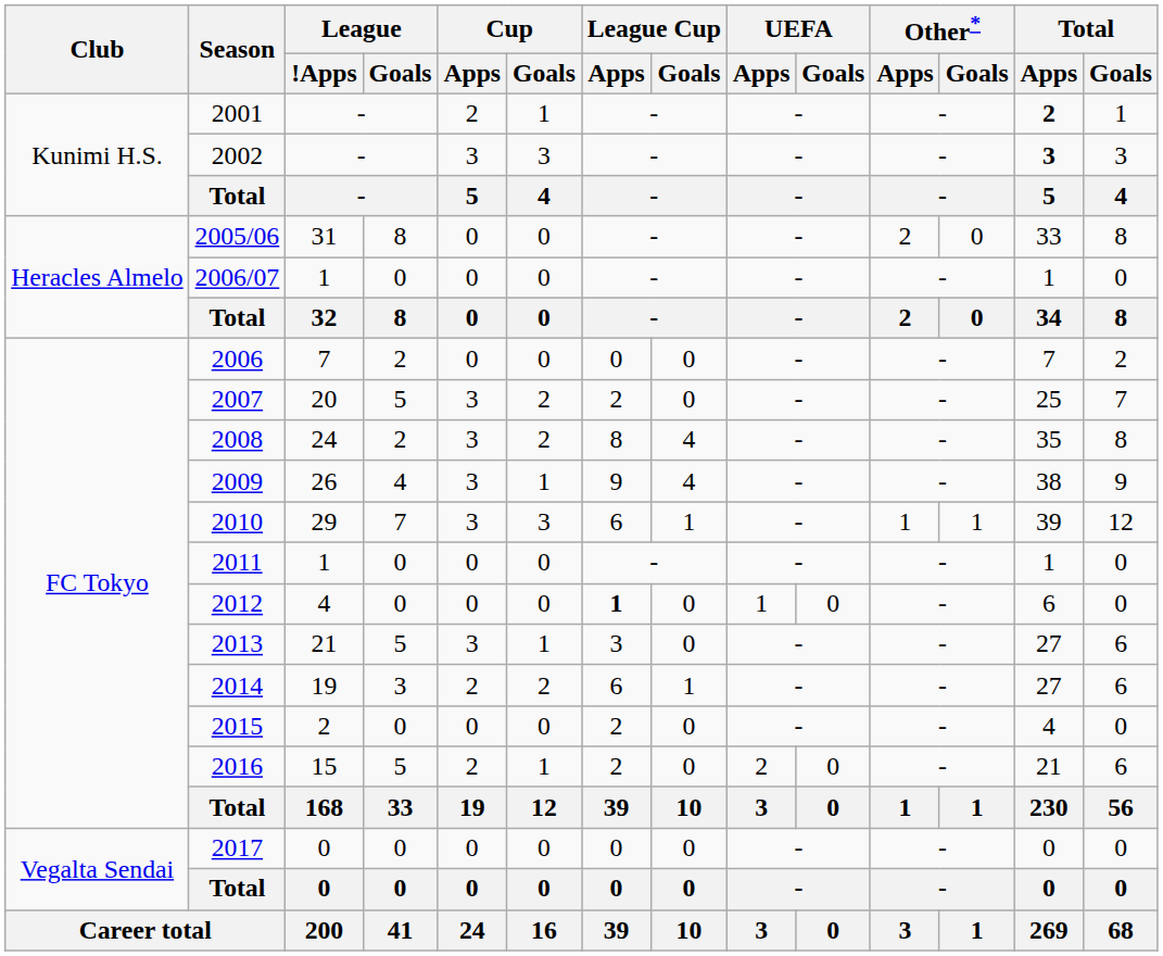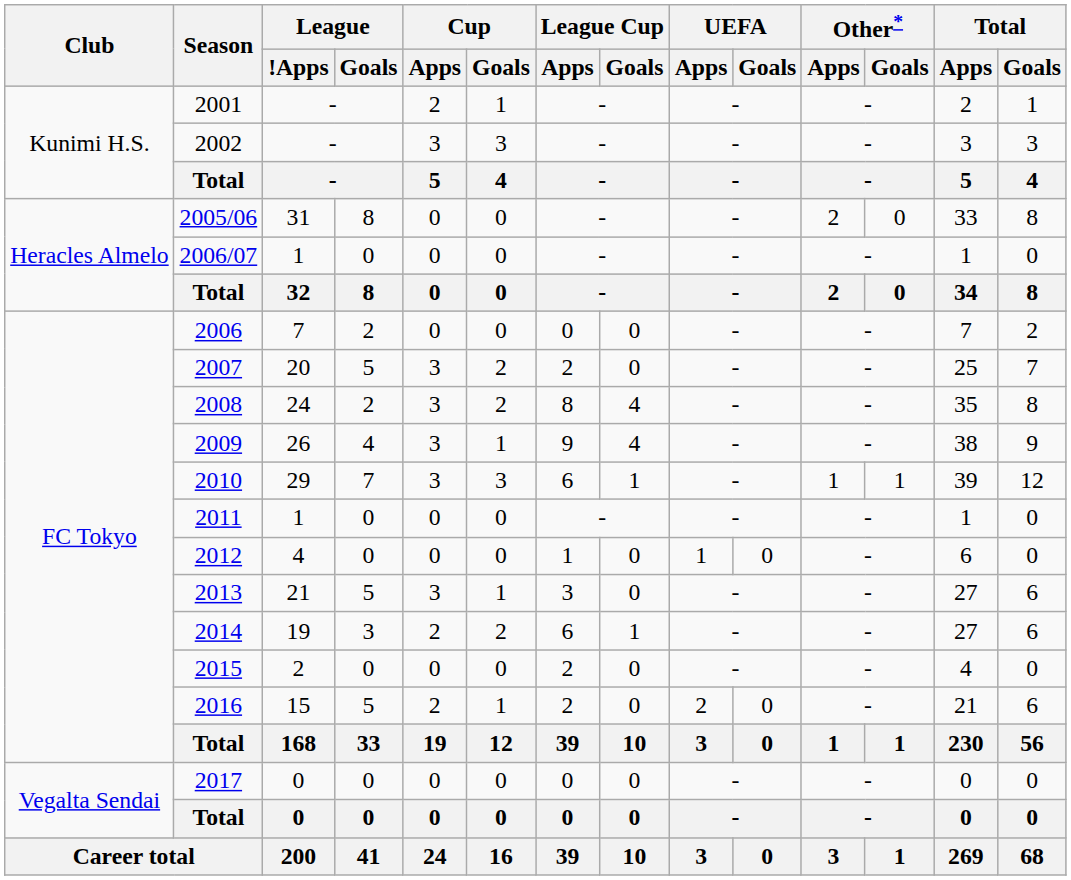 <table class="wikitable" style="text-align:center;">
 <tr>
 <th rowspan="2">Club</th>
 <th rowspan="2">Season</th>
 <th colspan="2">League</th>
 <th colspan="2">Cup</th>
 <th colspan="2">League Cup</th>
 <th colspan="2">UEFA</th>
 <th colspan="2">Other<sup><a href='#'>*</a></sup></th>
 <th colspan="2">Total</th>
 </tr>
 <tr>
 <th>!Apps</th>
 <th>Goals</th>
 <th>Apps</th>
 <th>Goals</th>
 <th>Apps</th>
 <th>Goals</th>
 <th>Apps</th>
 <th>Goals</th>
 <th>Apps</th>
 <th>Goals</th>
 <th>Apps</th>
 <th>Goals</th>
 </tr>
 <tr>
 <td rowspan="3">Kunimi H.S.</td>
 <td>2001</td>
 <td colspan="2">-</td>
 <td>2</td>
 <td>1</td>
 <td colspan="2">-</td>
 <td colspan="2">-</td>
 <td colspan="2">-</td>
-<td><strong>2</strong></td>
+<td>2</td>
 <td>1</td>
 </tr>
 <tr>
 <td>2002</td>
 <td colspan="2">-</td>
 <td>3</td>
 <td>3</td>
 <td colspan="2">-</td>
 <td colspan="2">-</td>
 <td colspan="2">-</td>
-<td><strong>3</strong></td>
+<td>3</td>
 <td>3</td>
 </tr>
 <tr>
 <th colspan="1">Total</th>
 <th colspan="2">-</th>
 <th>5</th>
 <th>4</th>
 <th colspan="2">-</th>
 <th colspan="2">-</th>
 <th colspan="2">-</th>
 <th>5</th>
 <th>4</th>
 </tr>
 <tr>
 <td rowspan="3"><a href='#'>Heracles Almelo</a></td>
 <td><a href='#'>2005/06</a></td>
 <td>31</td>
 <td>8</td>
 <td>0</td>
 <td>0</td>
 <td colspan="2">-</td>
 <td colspan="2">-</td>
 <td>2</td>
 <td>0</td>
 <td>33</td>
 <td>8</td>
 </tr>
 <tr>
 <td><a href='#'>2006/07</a></td>
 <td>1</td>
 <td>0</td>
 <td>0</td>
 <td>0</td>
 <td colspan="2">-</td>
 <td colspan="2">-</td>
 <td colspan="2">-</td>
 <td>1</td>
 <td>0</td>
 </tr>
 <tr>
 <th colspan="1">Total</th>
 <th>32</th>
 <th>8</th>
 <th>0</th>
 <th>0</th>
 <th colspan="2">-</th>
 <th colspan="2">-</th>
 <th>2</th>
 <th>0</th>
 <th>34</th>
 <th>8</th>
 </tr>
 <tr>
 <td rowspan="12"><a href='#'>FC Tokyo</a></td>
 <td><a href='#'>2006</a></td>
 <td>7</td>
 <td>2</td>
 <td>0</td>
 <td>0</td>
 <td>0</td>
 <td>0</td>
 <td colspan="2">-</td>
 <td colspan="2">-</td>
 <td>7</td>
 <td>2</td>
 </tr>
 <tr>
 <td><a href='#'>2007</a></td>
 <td>20</td>
 <td>5</td>
 <td>3</td>
 <td>2</td>
 <td>2</td>
 <td>0</td>
 <td colspan="2">-</td>
 <td colspan="2">-</td>
 <td>25</td>
 <td>7</td>
 </tr>
 <tr>
 <td><a href='#'>2008</a></td>
 <td>24</td>
 <td>2</td>
 <td>3</td>
 <td>2</td>
 <td>8</td>
 <td>4</td>
 <td colspan="2">-</td>
 <td colspan="2">-</td>
 <td>35</td>
 <td>8</td>
 </tr>
 <tr>
 <td><a href='#'>2009</a></td>
 <td>26</td>
 <td>4</td>
 <td>3</td>
 <td>1</td>
 <td>9</td>
 <td>4</td>
 <td colspan="2">-</td>
 <td colspan="2">-</td>
 <td>38</td>
 <td>9</td>
 </tr>
 <tr>
 <td><a href='#'>2010</a></td>
 <td>29</td>
 <td>7</td>
 <td>3</td>
 <td>3</td>
 <td>6</td>
 <td>1</td>
 <td colspan="2">-</td>
 <td>1</td>
 <td>1</td>
 <td>39</td>
 <td>12</td>
 </tr>
 <tr>
 <td><a href='#'>2011</a></td>
 <td>1</td>
 <td>0</td>
 <td>0</td>
 <td>0</td>
 <td colspan="2">-</td>
 <td colspan="2">-</td>
 <td colspan="2">-</td>
 <td>1</td>
 <td>0</td>
 </tr>
 <tr>
 <td><a href='#'>2012</a></td>
 <td>4</td>
 <td>0</td>
 <td>0</td>
 <td>0</td>
-<td><strong>1</strong></td>
+<td>1</td>
 <td>0</td>
 <td>1</td>
 <td>0</td>
 <td colspan="2">-</td>
 <td>6</td>
 <td>0</td>
 </tr>
 <tr>
 <td><a href='#'>2013</a></td>
 <td>21</td>
 <td>5</td>
 <td>3</td>
 <td>1</td>
 <td>3</td>
 <td>0</td>
 <td colspan="2">-</td>
 <td colspan="2">-</td>
 <td>27</td>
 <td>6</td>
 </tr>
 <tr>
 <td><a href='#'>2014</a></td>
 <td>19</td>
 <td>3</td>
 <td>2</td>
 <td>2</td>
 <td>6</td>
 <td>1</td>
 <td colspan="2">-</td>
 <td colspan="2">-</td>
 <td>27</td>
 <td>6</td>
 </tr>
 <tr>
 <td><a href='#'>2015</a></td>
 <td>2</td>
 <td>0</td>
 <td>0</td>
 <td>0</td>
 <td>2</td>
 <td>0</td>
 <td colspan="2">-</td>
 <td colspan="2">-</td>
 <td>4</td>
 <td>0</td>
 </tr>
 <tr>
 <td><a href='#'>2016</a></td>
 <td>15</td>
 <td>5</td>
 <td>2</td>
 <td>1</td>
 <td>2</td>
 <td>0</td>
 <td>2</td>
 <td>0</td>
 <td colspan="2">-</td>
 <td>21</td>
 <td>6</td>
 </tr>
 <tr>
 <th colspan="1">Total</th>
 <th>168</th>
 <th>33</th>
 <th>19</th>
 <th>12</th>
 <th>39</th>
 <th>10</th>
 <th>3</th>
 <th>0</th>
 <th>1</th>
 <th>1</th>
 <th>230</th>
 <th>56</th>
 </tr>
 <tr>
 <td rowspan="2"><a href='#'>Vegalta Sendai</a></td>
 <td><a href='#'>2017</a></td>
 <td>0</td>
 <td>0</td>
 <td>0</td>
 <td>0</td>
 <td>0</td>
 <td>0</td>
 <td colspan="2">-</td>
 <td colspan="2">-</td>
 <td>0</td>
 <td>0</td>
 </tr>
 <tr>
 <th colspan="1">Total</th>
 <th>0</th>
 <th>0</th>
 <th>0</th>
 <th>0</th>
 <th>0</th>
 <th>0</th>
 <th colspan="2">-</th>
 <th colspan="2">-</th>
 <th>0</th>
 <th>0</th>
 </tr>
 <tr>
 <th colspan="2">Career total</th>
 <th>200</th>
 <th>41</th>
 <th>24</th>
 <th>16</th>
 <th>39</th>
 <th>10</th>
 <th>3</th>
 <th>0</th>
 <th>3</th>
 <th>1</th>
 <th>269</th>
 <th>68</th>
 </tr>
 </table>
